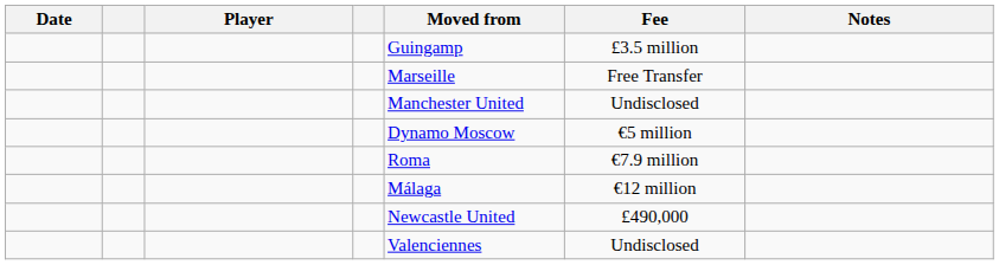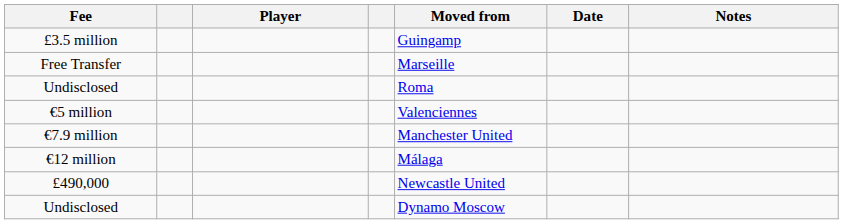 <table class="wikitable sortable">
 <tr>
-<th style="width:80px;">Date</th>
+<th style="width:155px;" class="unsortable">Fee</th>
 <th style="width:30px;"></th>
 <th style="width:180px;">Player</th>
 <th style="width:20px;"></th>
 <th style="width:155px;">Moved from</th>
-<th style="width:155px;" class="unsortable">Fee</th>
+<th style="width:80px;">Date</th>
 <th style="width:215px;" class="unsortable">Notes</th>
 </tr>
 <tr>
-<td></td>
+<td align=center>£3.5 million</td>
 <td align=center></td>
 <td> </td>
 <td></td>
 <td> <a href='#'>Guingamp</a></td>
-<td align=center>£3.5 million</td>
+<td></td>
 <td align=center></td>
 </tr>
 <tr>
-<td></td>
+<td align=center>Free Transfer</td>
 <td align=center></td>
 <td> </td>
 <td></td>
 <td> <a href='#'>Marseille</a></td>
-<td align=center>Free Transfer</td>
+<td></td>
 <td align=center></td>
 </tr>
 <tr>
+<td align=center>Undisclosed</td>
+<td align=center></td>
+<td> </td>
 <td></td>
+<td> <a href='#'>Roma</a></td>
+<td></td>
+<td align=center></td>
+</tr>
+<tr>
+<td align=center>€5 million</td>
+<td align=center></td>
+<td> </td>
+<td></td>
+<td> <a href='#'>Valenciennes</a></td>
+<td></td>
+<td align=center></td>
+</tr>
+<tr>
+<td align=center>€7.9 million</td>
 <td align=center></td>
 <td> </td>
 <td></td>
 <td> <a href='#'>Manchester United</a></td>
-<td align=center>Undisclosed</td>
+<td></td>
 <td align=center></td>
 </tr>
 <tr>
+<td align=center>€12 million</td>
+<td align=center></td>
+<td> </td>
 <td></td>
+<td> <a href='#'>Málaga</a></td>
+<td></td>
+<td align=center></td>
+</tr>
+<tr>
+<td align=center>£490,000</td>
+<td align=center></td>
+<td> </td>
+<td></td>
+<td> <a href='#'>Newcastle United</a></td>
+<td></td>
+<td align=center></td>
+</tr>
+<tr>
+<td align=center>Undisclosed</td>
 <td align=center></td>
 <td> </td>
 <td></td>
 <td> <a href='#'>Dynamo Moscow</a></td>
-<td align=center>€5 million</td>
-<td align=center></td>
-</tr>
-<tr>
 <td></td>
-<td align=center></td>
-<td> </td>
-<td></td>
-<td> <a href='#'>Roma</a></td>
-<td align=center>€7.9 million</td>
-<td align=center></td>
-</tr>
-<tr>
-<td></td>
-<td align=center></td>
-<td> </td>
-<td></td>
-<td> <a href='#'>Málaga</a></td>
-<td align=center>€12 million</td>
-<td align=center></td>
-</tr>
-<tr>
-<td></td>
-<td align=center></td>
-<td> </td>
-<td></td>
-<td> <a href='#'>Newcastle United</a></td>
-<td align=center>£490,000</td>
-<td align=center></td>
-</tr>
-<tr>
-<td></td>
-<td align=center></td>
-<td> </td>
-<td></td>
-<td> <a href='#'>Valenciennes</a></td>
-<td align=center>Undisclosed</td>
 <td align=center></td>
 </tr>
 </table>
